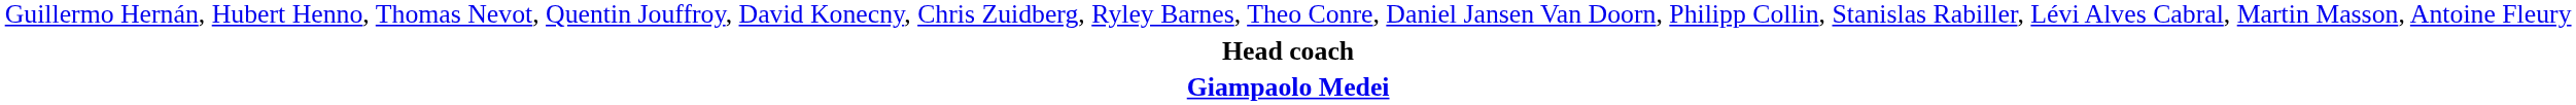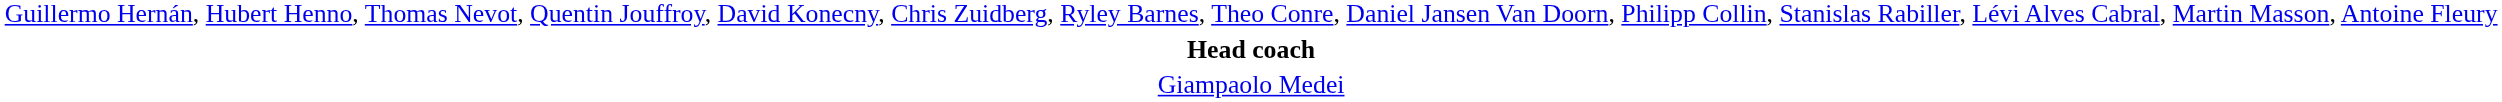 <table style="text-align: center; margin-top: 2em; margin-left: auto; margin-right: auto">
 <tr>
 <td><a href='#'>Guillermo Hernán</a>, <a href='#'>Hubert Henno</a>, <a href='#'>Thomas Nevot</a>, <a href='#'>Quentin Jouffroy</a>, <a href='#'>David Konecny</a>, <a href='#'>Chris Zuidberg</a>, <a href='#'>Ryley Barnes</a>, <a href='#'>Theo Conre</a>, <a href='#'>Daniel Jansen Van Doorn</a>, <a href='#'>Philipp Collin</a>, <a href='#'>Stanislas Rabiller</a>, <a href='#'>Lévi Alves Cabral</a>, <a href='#'>Martin Masson</a>, <a href='#'>Antoine Fleury</a></td>
 </tr>
 <tr>
 <td><strong>Head coach</strong></td>
 </tr>
 <tr>
-<td><strong><a href='#'>Giampaolo Medei</a></strong></td>
+<td><a href='#'>Giampaolo Medei</a></td>
 </tr>
 </table>
